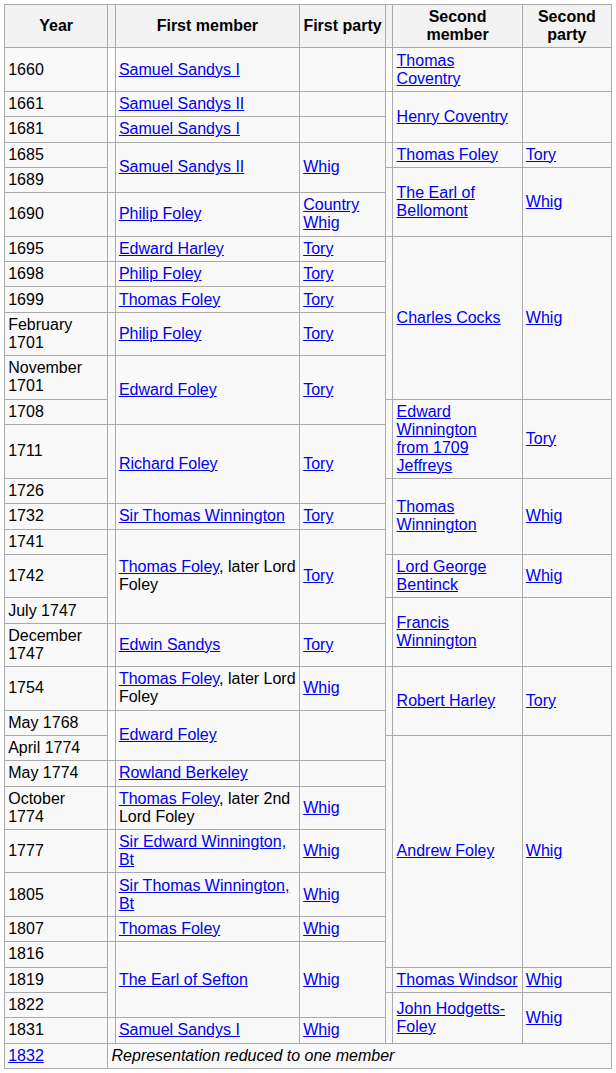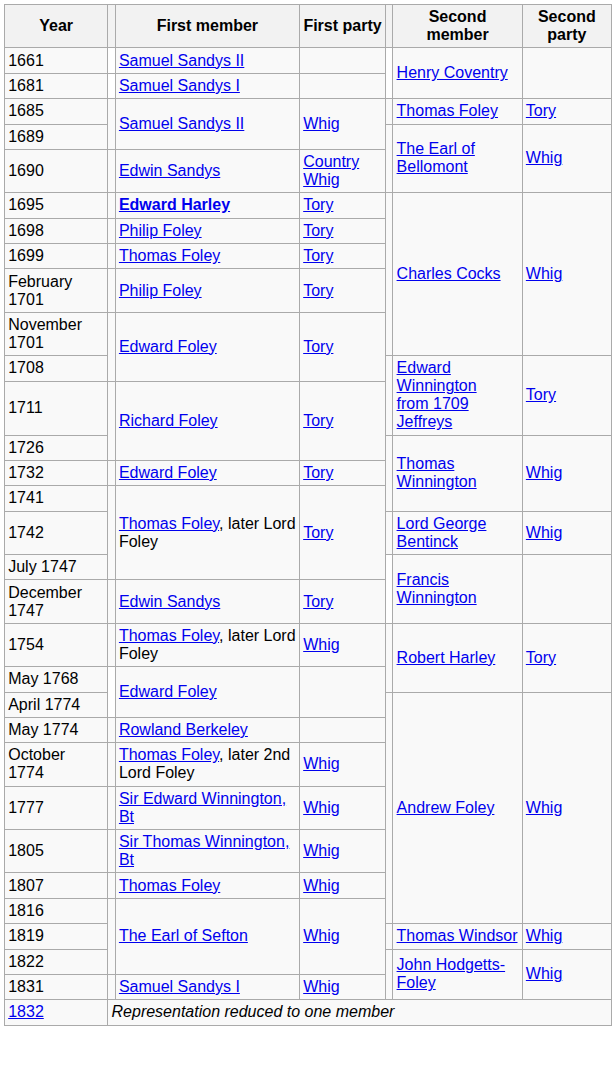 <table class="wikitable">
 <tr>
 <th>Year</th>
 <th></th>
 <th>First member</th>
 <th>First party</th>
 <th></th>
 <th>Second member</th>
 <th>Second party</th>
-</tr>
-<tr>
-<td>1660</td>
-<td style="color:inherit;background-color: white"></td>
-<td><a href='#'>Samuel Sandys I</a></td>
-<td></td>
-<td style="color:inherit;background-color: white"></td>
-<td><a href='#'>Thomas Coventry</a></td>
-<td></td>
 </tr>
 <tr>
 <td>1661</td>
 <td style="color:inherit;background-color: white"></td>
 <td><a href='#'>Samuel Sandys II</a></td>
 <td></td>
 <td rowspan="2" style="color:inherit;background-color: white"></td>
 <td rowspan="2"><a href='#'>Henry Coventry</a></td>
 <td rowspan="2"></td>
 </tr>
 <tr>
 <td>1681</td>
 <td style="color:inherit;background-color: white"></td>
 <td><a href='#'>Samuel Sandys I</a></td>
 <td></td>
 </tr>
 <tr>
 <td>1685</td>
 <td rowspan="2" style="color:inherit;background-color: "></td>
 <td rowspan="2"><a href='#'>Samuel Sandys II</a></td>
 <td rowspan="2"><a href='#'>Whig</a></td>
 <td style="color:inherit;background-color: "></td>
 <td><a href='#'>Thomas Foley</a></td>
 <td><a href='#'>Tory</a></td>
 </tr>
 <tr>
 <td>1689</td>
 <td rowspan="2" style="color:inherit;background-color: "></td>
 <td rowspan="2"><a href='#'>The Earl of Bellomont</a></td>
 <td rowspan="2"><a href='#'>Whig</a></td>
 </tr>
 <tr>
 <td>1690</td>
 <td style="color:inherit;background-color: "></td>
-<td><a href='#'>Philip Foley</a></td>
+<td><a href='#'>Edwin Sandys</a></td>
 <td><a href='#'>Country Whig</a></td>
 </tr>
 <tr>
 <td>1695</td>
 <td style="color:inherit;background-color: "></td>
-<td><a href='#'>Edward Harley</a></td>
+<td><strong><a href='#'>Edward Harley</a></strong></td>
 <td><a href='#'>Tory</a></td>
 <td rowspan="5" style="color:inherit;background-color: "></td>
 <td rowspan="5"><a href='#'>Charles Cocks</a></td>
 <td rowspan="5"><a href='#'>Whig</a></td>
 </tr>
 <tr>
 <td>1698</td>
 <td style="color:inherit;background-color: "></td>
 <td><a href='#'>Philip Foley</a></td>
 <td><a href='#'>Tory</a></td>
 </tr>
 <tr>
 <td>1699</td>
 <td style="color:inherit;background-color: "></td>
 <td><a href='#'>Thomas Foley</a></td>
 <td><a href='#'>Tory</a></td>
 </tr>
 <tr>
 <td>February 1701</td>
 <td style="color:inherit;background-color: "></td>
 <td><a href='#'>Philip Foley</a></td>
 <td><a href='#'>Tory</a></td>
 </tr>
 <tr>
 <td>November 1701</td>
 <td rowspan="2" style="color:inherit;background-color: "></td>
 <td rowspan="2"><a href='#'>Edward Foley</a></td>
 <td rowspan="2"><a href='#'>Tory</a></td>
 </tr>
 <tr>
 <td>1708</td>
 <td rowspan="2" style="color:inherit;background-color: "></td>
 <td rowspan="2"><a href='#'>Edward Winnington<br> from 1709 Jeffreys</a></td>
 <td rowspan="2"><a href='#'>Tory</a></td>
 </tr>
 <tr>
 <td>1711</td>
 <td rowspan="2" style="color:inherit;background-color: "></td>
 <td rowspan="2"><a href='#'>Richard Foley</a></td>
 <td rowspan="2"><a href='#'>Tory</a></td>
 </tr>
 <tr>
 <td>1726</td>
 <td rowspan="3" style="color:inherit;background-color: "></td>
 <td rowspan="3"><a href='#'>Thomas Winnington</a></td>
 <td rowspan="3"><a href='#'>Whig</a></td>
 </tr>
 <tr>
 <td>1732</td>
 <td style="color:inherit;background-color: "></td>
-<td><a href='#'>Sir Thomas Winnington</a></td>
+<td><a href='#'>Edward Foley</a></td>
 <td><a href='#'>Tory</a></td>
 </tr>
 <tr>
 <td>1741</td>
 <td rowspan="3" style="color:inherit;background-color: "></td>
 <td rowspan="3"><a href='#'>Thomas Foley</a>, later Lord Foley</td>
 <td rowspan="3"><a href='#'>Tory</a></td>
 </tr>
 <tr>
 <td>1742</td>
 <td style="color:inherit;background-color: "></td>
 <td><a href='#'>Lord George Bentinck</a></td>
 <td><a href='#'>Whig</a></td>
 </tr>
 <tr>
 <td>July 1747 </td>
 <td rowspan="2" style="color:inherit;background-color: white"></td>
 <td rowspan="2"><a href='#'>Francis Winnington</a></td>
 <td rowspan="2"></td>
 </tr>
 <tr>
 <td>December 1747</td>
 <td style="color:inherit;background-color: "></td>
 <td><a href='#'>Edwin Sandys</a></td>
 <td><a href='#'>Tory</a></td>
 </tr>
 <tr>
 <td>1754</td>
 <td style="color:inherit;background-color: "></td>
 <td><a href='#'>Thomas Foley</a>, later Lord Foley</td>
 <td><a href='#'>Whig</a></td>
 <td rowspan="2" style="color:inherit;background-color: "></td>
 <td rowspan="2"><a href='#'>Robert Harley</a></td>
 <td rowspan="2"><a href='#'>Tory</a></td>
 </tr>
 <tr>
 <td>May 1768</td>
 <td rowspan="2" style="color:inherit;background-color: white"></td>
 <td rowspan="2"><a href='#'>Edward Foley</a></td>
 <td rowspan="2"></td>
 </tr>
 <tr>
 <td>April 1774</td>
 <td rowspan="7" style="color:inherit;background-color: "></td>
 <td rowspan="7"><a href='#'>Andrew Foley</a></td>
 <td rowspan="7"><a href='#'>Whig</a></td>
 </tr>
 <tr>
 <td>May 1774</td>
 <td style="color:inherit;background-color: "></td>
 <td><a href='#'>Rowland Berkeley</a></td>
 </tr>
 <tr>
 <td>October 1774</td>
 <td style="color:inherit;background-color: "></td>
 <td><a href='#'>Thomas Foley</a>, later 2nd Lord Foley</td>
 <td><a href='#'>Whig</a></td>
 </tr>
 <tr>
 <td>1777</td>
 <td style="color:inherit;background-color: "></td>
 <td><a href='#'>Sir Edward Winnington, Bt</a></td>
 <td><a href='#'>Whig</a></td>
 </tr>
 <tr>
 <td>1805</td>
 <td style="color:inherit;background-color: "></td>
 <td><a href='#'>Sir Thomas Winnington, Bt</a></td>
 <td><a href='#'>Whig</a></td>
 </tr>
 <tr>
 <td>1807</td>
 <td style="color:inherit;background-color: "></td>
 <td><a href='#'>Thomas Foley</a></td>
 <td><a href='#'>Whig</a></td>
 </tr>
 <tr>
 <td>1816</td>
 <td rowspan="3" style="color:inherit;background-color: "></td>
 <td rowspan="3"><a href='#'>The Earl of Sefton</a></td>
 <td rowspan="3"><a href='#'>Whig</a></td>
 </tr>
 <tr>
 <td>1819</td>
 <td style="color:inherit;background-color: "></td>
 <td><a href='#'>Thomas Windsor</a></td>
 <td><a href='#'>Whig</a></td>
 </tr>
 <tr>
 <td>1822</td>
 <td rowspan="2" style="color:inherit;background-color: "></td>
 <td rowspan="2"><a href='#'>John Hodgetts-Foley</a></td>
 <td rowspan="2"><a href='#'>Whig</a></td>
 </tr>
 <tr>
 <td>1831</td>
 <td style="color:inherit;background-color: "></td>
 <td><a href='#'>Samuel Sandys I</a></td>
 <td><a href='#'>Whig</a></td>
 </tr>
 <tr>
 <td><a href='#'>1832</a></td>
 <td colspan="6"><em>Representation reduced to one member</em></td>
 </tr>
 </table>
